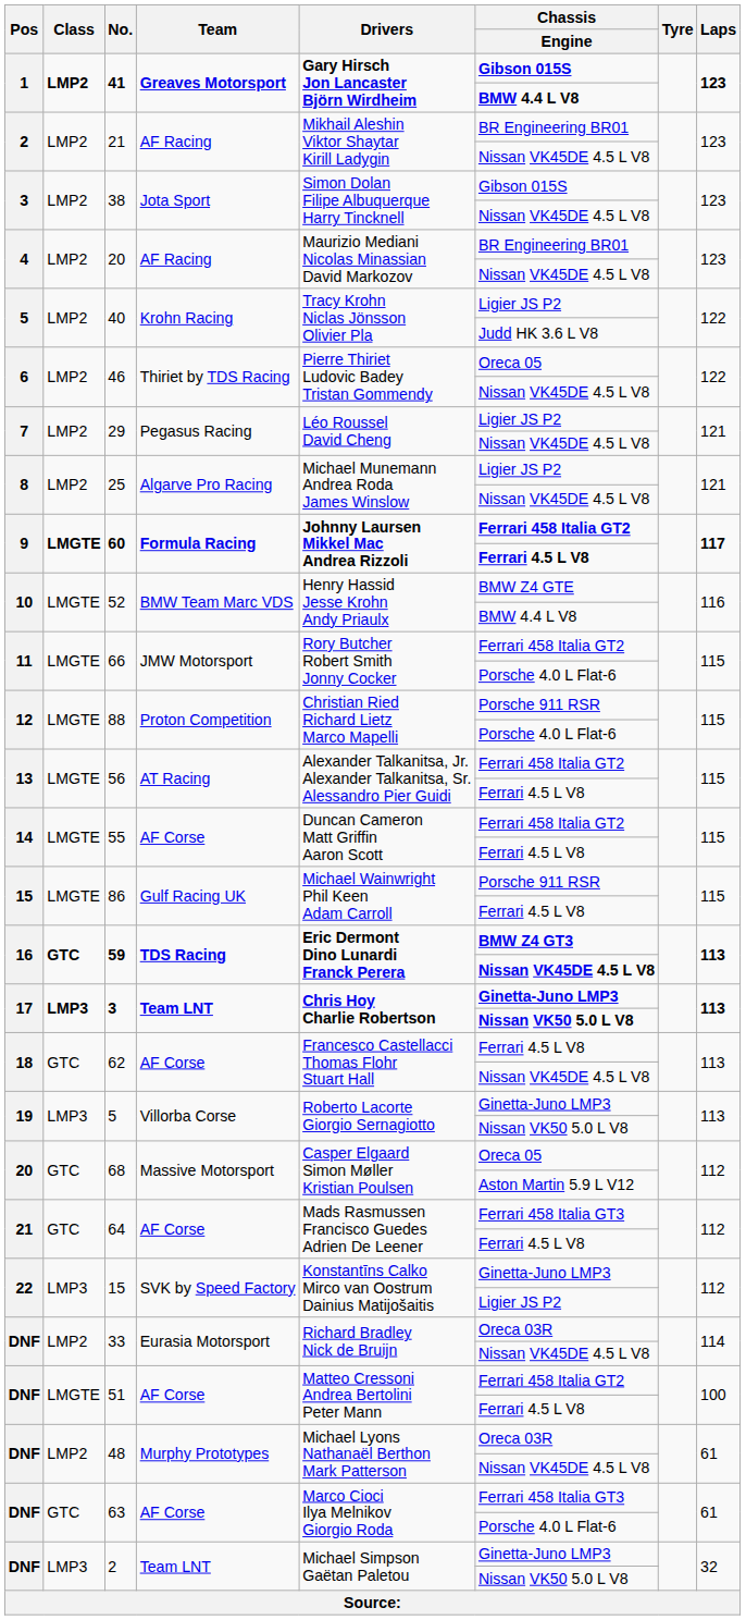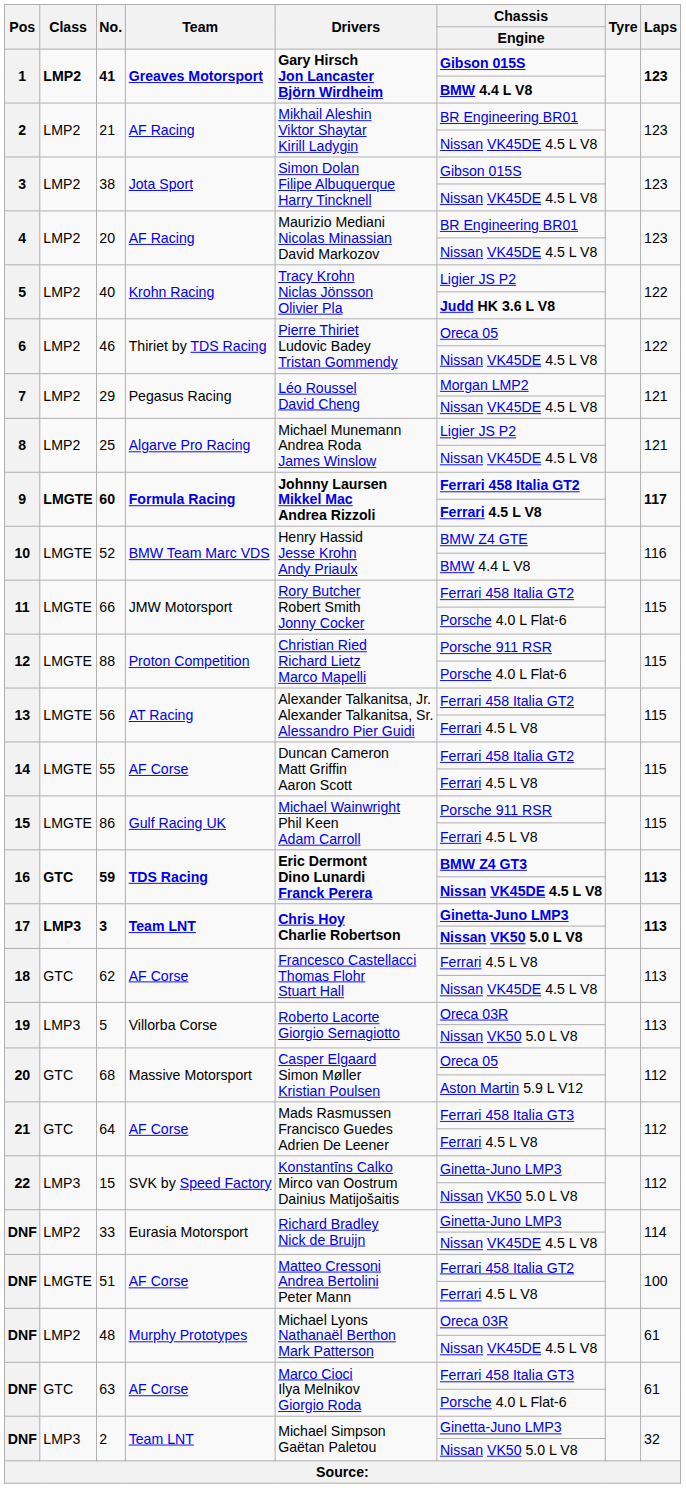 <table class="wikitable" style="font-size: 95%;">
 <tr>
 <th rowspan=2>Pos</th>
 <th rowspan=2>Class</th>
 <th rowspan=2>No.</th>
 <th rowspan=2>Team</th>
 <th rowspan=2>Drivers</th>
 <th>Chassis</th>
 <th rowspan=2>Tyre</th>
 <th rowspan=2>Laps</th>
 </tr>
 <tr>
 <th>Engine</th>
 </tr>
 <tr>
 <th rowspan=2>1</th>
 <td rowspan=2><strong>LMP2</strong></td>
 <td rowspan=2><strong>41</strong></td>
 <td rowspan=2><strong> <a href='#'>Greaves Motorsport</a></strong></td>
 <td rowspan=2><strong> Gary Hirsch<br> <a href='#'>Jon Lancaster</a><br> <a href='#'>Björn Wirdheim</a></strong></td>
 <td><a href='#'><strong>Gibson 015S</strong></a></td>
 <td rowspan=2></td>
 <td rowspan=2><strong>123</strong></td>
 </tr>
 <tr>
 <td><strong><a href='#'>BMW</a> 4.4 L V8</strong></td>
 </tr>
 <tr>
 <th rowspan=2>2</th>
 <td rowspan=2>LMP2</td>
 <td rowspan=2>21</td>
 <td rowspan=2> <a href='#'>AF Racing</a></td>
 <td rowspan=2> <a href='#'>Mikhail Aleshin</a><br> <a href='#'>Viktor Shaytar</a><br> <a href='#'>Kirill Ladygin</a></td>
 <td><a href='#'>BR Engineering BR01</a></td>
 <td rowspan=2></td>
 <td rowspan=2>123</td>
 </tr>
 <tr>
 <td><a href='#'>Nissan</a> <a href='#'>VK45DE</a> 4.5 L V8</td>
 </tr>
 <tr>
 <th rowspan=2>3</th>
 <td rowspan=2>LMP2</td>
 <td rowspan=2>38</td>
 <td rowspan=2> <a href='#'>Jota Sport</a></td>
 <td rowspan=2> <a href='#'>Simon Dolan</a><br> <a href='#'>Filipe Albuquerque</a><br> <a href='#'>Harry Tincknell</a></td>
 <td><a href='#'>Gibson 015S</a></td>
 <td rowspan=2></td>
 <td rowspan=2>123</td>
 </tr>
 <tr>
 <td><a href='#'>Nissan</a> <a href='#'>VK45DE</a> 4.5 L V8</td>
 </tr>
 <tr>
 <th rowspan=2>4</th>
 <td rowspan=2>LMP2</td>
 <td rowspan=2>20</td>
 <td rowspan=2> <a href='#'>AF Racing</a></td>
 <td rowspan=2> Maurizio Mediani<br> <a href='#'>Nicolas Minassian</a><br> David Markozov</td>
 <td><a href='#'>BR Engineering BR01</a></td>
 <td rowspan=2></td>
 <td rowspan=2>123</td>
 </tr>
 <tr>
 <td><a href='#'>Nissan</a> <a href='#'>VK45DE</a> 4.5 L V8</td>
 </tr>
 <tr>
 <th rowspan=2>5</th>
 <td rowspan=2>LMP2</td>
 <td rowspan=2>40</td>
 <td rowspan=2> <a href='#'>Krohn Racing</a></td>
 <td rowspan=2> <a href='#'>Tracy Krohn</a><br> <a href='#'>Niclas Jönsson</a><br> <a href='#'>Olivier Pla</a></td>
 <td><a href='#'>Ligier JS P2</a></td>
 <td rowspan=2></td>
 <td rowspan=2>122</td>
 </tr>
 <tr>
-<td><a href='#'>Judd</a> HK 3.6 L V8</td>
+<td><strong><a href='#'>Judd</a> HK 3.6 L V8</strong></td>
 </tr>
 <tr>
 <th rowspan=2>6</th>
 <td rowspan=2>LMP2</td>
 <td rowspan=2>46</td>
 <td rowspan=2> Thiriet by <a href='#'>TDS Racing</a></td>
 <td rowspan=2> <a href='#'>Pierre Thiriet</a><br> Ludovic Badey<br> <a href='#'>Tristan Gommendy</a></td>
 <td><a href='#'>Oreca 05</a></td>
 <td rowspan=2></td>
 <td rowspan=2>122</td>
 </tr>
 <tr>
 <td><a href='#'>Nissan</a> <a href='#'>VK45DE</a> 4.5 L V8</td>
 </tr>
 <tr>
 <th rowspan=2>7</th>
 <td rowspan=2>LMP2</td>
 <td rowspan=2>29</td>
 <td rowspan=2> Pegasus Racing</td>
 <td rowspan=2> <a href='#'>Léo Roussel</a><br> <a href='#'>David Cheng</a></td>
-<td><a href='#'>Ligier JS P2</a></td>
+<td><a href='#'>Morgan LMP2</a></td>
 <td rowspan=2></td>
 <td rowspan=2>121</td>
 </tr>
 <tr>
 <td><a href='#'>Nissan</a> <a href='#'>VK45DE</a> 4.5 L V8</td>
 </tr>
 <tr>
 <th rowspan=2>8</th>
 <td rowspan=2>LMP2</td>
 <td rowspan=2>25</td>
 <td rowspan=2> <a href='#'>Algarve Pro Racing</a></td>
 <td rowspan=2> Michael Munemann<br> Andrea Roda<br> <a href='#'>James Winslow</a></td>
 <td><a href='#'>Ligier JS P2</a></td>
 <td rowspan=2></td>
 <td rowspan=2>121</td>
 </tr>
 <tr>
 <td><a href='#'>Nissan</a> <a href='#'>VK45DE</a> 4.5 L V8</td>
 </tr>
 <tr>
 <th rowspan=2>9</th>
 <td rowspan=2><strong>LMGTE</strong></td>
 <td rowspan=2><strong>60</strong></td>
 <td rowspan=2><strong> <a href='#'>Formula Racing</a></strong></td>
 <td rowspan=2><strong> Johnny Laursen<br> <a href='#'>Mikkel Mac</a><br> Andrea Rizzoli</strong></td>
 <td><a href='#'><strong>Ferrari 458 Italia GT2</strong></a></td>
 <td rowspan=2></td>
 <td rowspan=2><strong>117</strong></td>
 </tr>
 <tr>
 <td><strong><a href='#'>Ferrari</a> 4.5 L V8</strong></td>
 </tr>
 <tr>
 <th rowspan=2>10</th>
 <td rowspan=2>LMGTE</td>
 <td rowspan=2>52</td>
 <td rowspan=2> <a href='#'>BMW Team Marc VDS</a></td>
 <td rowspan=2> Henry Hassid<br> <a href='#'>Jesse Krohn</a><br> <a href='#'>Andy Priaulx</a></td>
 <td><a href='#'>BMW Z4 GTE</a></td>
 <td rowspan=2></td>
 <td rowspan=2>116</td>
 </tr>
 <tr>
 <td><a href='#'>BMW</a> 4.4 L V8</td>
 </tr>
 <tr>
 <th rowspan=2>11</th>
 <td rowspan=2>LMGTE</td>
 <td rowspan=2>66</td>
 <td rowspan=2> JMW Motorsport</td>
 <td rowspan=2> <a href='#'>Rory Butcher</a><br> Robert Smith<br> <a href='#'>Jonny Cocker</a></td>
 <td><a href='#'>Ferrari 458 Italia GT2</a></td>
 <td rowspan=2></td>
 <td rowspan=2>115</td>
 </tr>
 <tr>
 <td><a href='#'>Porsche</a> 4.0 L Flat-6</td>
 </tr>
 <tr>
 <th rowspan=2>12</th>
 <td rowspan=2>LMGTE</td>
 <td rowspan=2>88</td>
 <td rowspan=2> <a href='#'>Proton Competition</a></td>
 <td rowspan=2> <a href='#'>Christian Ried</a><br> <a href='#'>Richard Lietz</a><br> <a href='#'>Marco Mapelli</a></td>
 <td><a href='#'>Porsche 911 RSR</a></td>
 <td rowspan=2></td>
 <td rowspan=2>115</td>
 </tr>
 <tr>
 <td><a href='#'>Porsche</a> 4.0 L Flat-6</td>
 </tr>
 <tr>
 <th rowspan=2>13</th>
 <td rowspan=2>LMGTE</td>
 <td rowspan=2>56</td>
 <td rowspan=2> <a href='#'>AT Racing</a></td>
 <td rowspan=2> Alexander Talkanitsa, Jr.<br> Alexander Talkanitsa, Sr.<br> <a href='#'>Alessandro Pier Guidi</a></td>
 <td><a href='#'>Ferrari 458 Italia GT2</a></td>
 <td rowspan=2></td>
 <td rowspan=2>115</td>
 </tr>
 <tr>
 <td><a href='#'>Ferrari</a> 4.5 L V8</td>
 </tr>
 <tr>
 <th rowspan=2>14</th>
 <td rowspan=2>LMGTE</td>
 <td rowspan=2>55</td>
 <td rowspan=2> <a href='#'>AF Corse</a></td>
 <td rowspan=2> Duncan Cameron<br> Matt Griffin<br> Aaron Scott</td>
 <td><a href='#'>Ferrari 458 Italia GT2</a></td>
 <td rowspan=2></td>
 <td rowspan=2>115</td>
 </tr>
 <tr>
 <td><a href='#'>Ferrari</a> 4.5 L V8</td>
 </tr>
 <tr>
 <th rowspan=2>15</th>
 <td rowspan=2>LMGTE</td>
 <td rowspan=2>86</td>
 <td rowspan=2> <a href='#'>Gulf Racing UK</a></td>
 <td rowspan=2> <a href='#'>Michael Wainwright</a><br> Phil Keen<br> <a href='#'>Adam Carroll</a></td>
 <td><a href='#'>Porsche 911 RSR</a></td>
 <td rowspan=2></td>
 <td rowspan=2>115</td>
 </tr>
 <tr>
 <td><a href='#'>Ferrari</a> 4.5 L V8</td>
 </tr>
 <tr>
 <th rowspan=2>16</th>
 <td rowspan=2><strong>GTC</strong></td>
 <td rowspan=2><strong>59</strong></td>
 <td rowspan=2><strong> <a href='#'>TDS Racing</a></strong></td>
 <td rowspan=2><strong> Eric Dermont<br> Dino Lunardi<br> <a href='#'>Franck Perera</a></strong></td>
 <td><a href='#'><strong>BMW Z4 GT3</strong></a></td>
 <td rowspan=2></td>
 <td rowspan=2><strong>113</strong></td>
 </tr>
 <tr>
 <td><strong><a href='#'>Nissan</a> <a href='#'>VK45DE</a> 4.5 L V8</strong></td>
 </tr>
 <tr>
 <th rowspan=2>17</th>
 <td rowspan=2><strong>LMP3</strong></td>
 <td rowspan=2><strong>3</strong></td>
 <td rowspan=2><strong> <a href='#'>Team LNT</a></strong></td>
 <td rowspan=2><strong> <a href='#'>Chris Hoy</a><br> Charlie Robertson</strong></td>
 <td><a href='#'><strong>Ginetta-Juno LMP3</strong></a></td>
 <td rowspan=2></td>
 <td rowspan=2><strong>113</strong></td>
 </tr>
 <tr>
 <td><strong><a href='#'>Nissan</a> <a href='#'>VK50</a> 5.0 L V8</strong></td>
 </tr>
 <tr>
 <th rowspan=2>18</th>
 <td rowspan=2>GTC</td>
 <td rowspan=2>62</td>
 <td rowspan=2> <a href='#'>AF Corse</a></td>
 <td rowspan=2> <a href='#'>Francesco Castellacci</a><br> <a href='#'>Thomas Flohr</a><br> <a href='#'>Stuart Hall</a></td>
 <td><a href='#'>Ferrari</a> 4.5 L V8</td>
 <td rowspan=2></td>
 <td rowspan=2>113</td>
 </tr>
 <tr>
 <td><a href='#'>Nissan</a> <a href='#'>VK45DE</a> 4.5 L V8</td>
 </tr>
 <tr>
 <th rowspan=2>19</th>
 <td rowspan=2>LMP3</td>
 <td rowspan=2>5</td>
 <td rowspan=2> Villorba Corse</td>
 <td rowspan=2> <a href='#'>Roberto Lacorte</a><br> <a href='#'>Giorgio Sernagiotto</a></td>
-<td><a href='#'>Ginetta-Juno LMP3</a></td>
+<td><a href='#'>Oreca 03R</a></td>
 <td rowspan=2></td>
 <td rowspan=2>113</td>
 </tr>
 <tr>
 <td><a href='#'>Nissan</a> <a href='#'>VK50</a> 5.0 L V8</td>
 </tr>
 <tr>
 <th rowspan=2>20</th>
 <td rowspan=2>GTC</td>
 <td rowspan=2>68</td>
 <td rowspan=2> Massive Motorsport</td>
 <td rowspan=2> <a href='#'>Casper Elgaard</a><br> Simon Møller<br> <a href='#'>Kristian Poulsen</a></td>
 <td><a href='#'>Oreca 05</a></td>
 <td rowspan=2></td>
 <td rowspan=2>112</td>
 </tr>
 <tr>
 <td><a href='#'>Aston Martin</a> 5.9 L V12</td>
 </tr>
 <tr>
 <th rowspan=2>21</th>
 <td rowspan=2>GTC</td>
 <td rowspan=2>64</td>
 <td rowspan=2> <a href='#'>AF Corse</a></td>
 <td rowspan=2> Mads Rasmussen<br> Francisco Guedes<br> Adrien De Leener</td>
 <td><a href='#'>Ferrari 458 Italia GT3</a></td>
 <td rowspan=2></td>
 <td rowspan=2>112</td>
 </tr>
 <tr>
 <td><a href='#'>Ferrari</a> 4.5 L V8</td>
 </tr>
 <tr>
 <th rowspan=2>22</th>
 <td rowspan=2>LMP3</td>
 <td rowspan=2>15</td>
 <td rowspan=2> SVK by <a href='#'>Speed Factory</a></td>
 <td rowspan=2> <a href='#'>Konstantīns Calko</a><br> Mirco van Oostrum<br> Dainius Matijošaitis</td>
 <td><a href='#'>Ginetta-Juno LMP3</a></td>
 <td rowspan=2></td>
 <td rowspan=2>112</td>
 </tr>
 <tr>
-<td><a href='#'>Ligier JS P2</a></td>
+<td><a href='#'>Nissan</a> <a href='#'>VK50</a> 5.0 L V8</td>
 </tr>
 <tr>
 <th rowspan=2>DNF</th>
 <td rowspan=2>LMP2</td>
 <td rowspan=2>33</td>
 <td rowspan=2> Eurasia Motorsport</td>
 <td rowspan=2> <a href='#'>Richard Bradley</a><br> <a href='#'>Nick de Bruijn</a></td>
-<td><a href='#'>Oreca 03R</a></td>
+<td><a href='#'>Ginetta-Juno LMP3</a></td>
 <td rowspan=2></td>
 <td rowspan=2>114</td>
 </tr>
 <tr>
 <td><a href='#'>Nissan</a> <a href='#'>VK45DE</a> 4.5 L V8</td>
 </tr>
 <tr>
 <th rowspan=2>DNF</th>
 <td rowspan=2>LMGTE</td>
 <td rowspan=2>51</td>
 <td rowspan=2> <a href='#'>AF Corse</a></td>
 <td rowspan=2> <a href='#'>Matteo Cressoni</a><br> <a href='#'>Andrea Bertolini</a><br> Peter Mann</td>
 <td><a href='#'>Ferrari 458 Italia GT2</a></td>
 <td rowspan=2></td>
 <td rowspan=2>100</td>
 </tr>
 <tr>
 <td><a href='#'>Ferrari</a> 4.5 L V8</td>
 </tr>
 <tr>
 <th rowspan=2>DNF</th>
 <td rowspan=2>LMP2</td>
 <td rowspan=2>48</td>
 <td rowspan=2> <a href='#'>Murphy Prototypes</a></td>
 <td rowspan=2> Michael Lyons<br> <a href='#'>Nathanaël Berthon</a><br> <a href='#'>Mark Patterson</a></td>
 <td><a href='#'>Oreca 03R</a></td>
 <td rowspan=2></td>
 <td rowspan=2>61</td>
 </tr>
 <tr>
 <td><a href='#'>Nissan</a> <a href='#'>VK45DE</a> 4.5 L V8</td>
 </tr>
 <tr>
 <th rowspan="2">DNF</th>
 <td rowspan="2">GTC</td>
 <td rowspan="2">63</td>
 <td rowspan="2"> <a href='#'>AF Corse</a></td>
 <td rowspan="2"> <a href='#'>Marco Cioci</a><br> Ilya Melnikov<br> <a href='#'>Giorgio Roda</a></td>
 <td><a href='#'>Ferrari 458 Italia GT3</a></td>
 <td rowspan="2"></td>
 <td rowspan="2">61</td>
 </tr>
 <tr>
 <td><a href='#'>Porsche</a> 4.0 L Flat-6</td>
 </tr>
 <tr>
 <th rowspan=2>DNF</th>
 <td rowspan=2>LMP3</td>
 <td rowspan=2>2</td>
 <td rowspan=2> <a href='#'>Team LNT</a></td>
 <td rowspan=2> Michael Simpson<br> Gaëtan Paletou</td>
 <td><a href='#'>Ginetta-Juno LMP3</a></td>
 <td rowspan=2></td>
 <td rowspan=2>32</td>
 </tr>
 <tr>
 <td><a href='#'>Nissan</a> <a href='#'>VK50</a> 5.0 L V8</td>
 </tr>
 <tr>
 <th colspan="8">Source:</th>
 </tr>
 </table>
